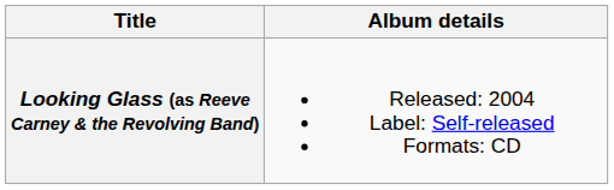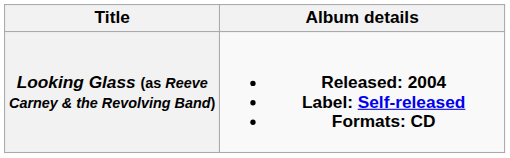 <table class="wikitable plainrowheaders" style="text-align:center;" border="1">
 <tr>
 <th scope="col" rowspan="1" style="width:12em;">Title</th>
 <th scope="col" rowspan="1" style="width:16em;">Album details</th>
 </tr>
 <tr>
 <th scope="row"><em>Looking Glass</em> <small>(as <em>Reeve Carney & the Revolving Band</em>)</small></th>
-<td><br><ul><li>Released: 2004</li><li>Label: <a href='#'>Self-released</a></li><li>Formats: CD</li></ul></td>
+<td><strong><br><ul><li>Released: 2004</li><li>Label: <a href='#'>Self-released</a></li><li>Formats: CD</li></ul></strong></td>
 </tr>
 </table>
